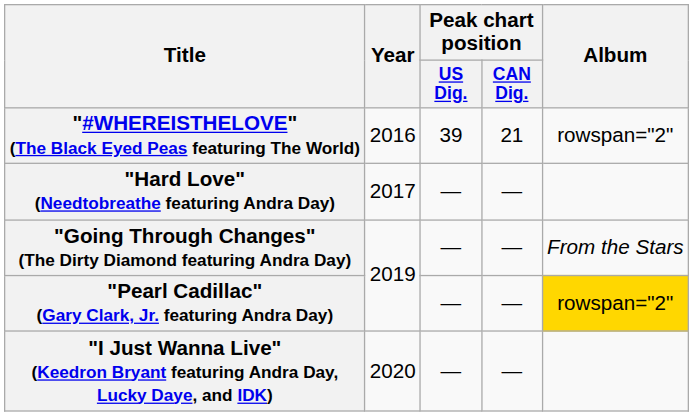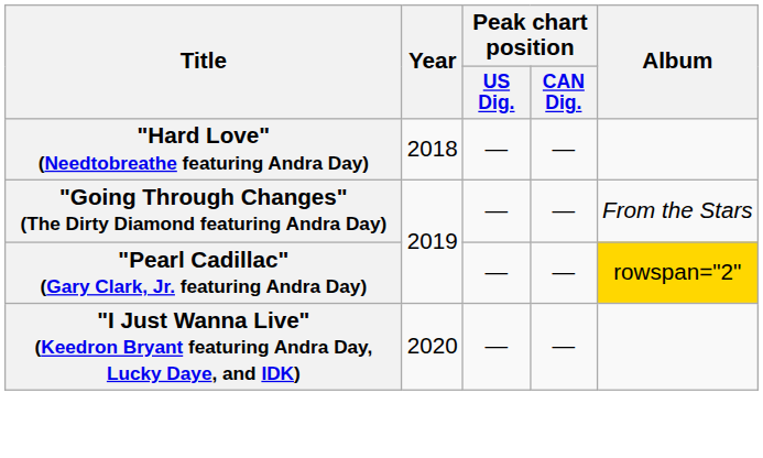 <table class="wikitable plainrowheaders" style="text-align:center;">
 <tr>
 <th scope="col" rowspan="2" style="width:17em;">Title</th>
 <th scope="col" rowspan="2" style="width:1em;">Year</th>
 <th scope="col" colspan="2">Peak chart position</th>
 <th scope="col" rowspan="2">Album</th>
 </tr>
 <tr>
 <th scope="col" style="width:3em;font-size:85%;"><a href='#'>US<br>Dig.</a><br></th>
 <th scope="col" style="width:3em;font-size:85%;"><a href='#'>CAN<br>Dig.</a><br></th>
 </tr>
 <tr>
-<th scope="row">"<a href='#'>#WHEREISTHELOVE</a>"<br><small>(<a href='#'>The Black Eyed Peas</a> featuring The World)</small></th>
-<td>2016</td>
-<td>39</td>
-<td>21</td>
-<td>rowspan="2" </td>
-</tr>
-<tr>
 <th scope="row">"Hard Love"<br><small>(<a href='#'>Needtobreathe</a> featuring Andra Day)</small></th>
-<td>2017</td>
+<td>2018</td>
 <td>—</td>
 <td>—</td>
 </tr>
 <tr>
 <th scope="row">"Going Through Changes"<br><small>(The Dirty Diamond featuring Andra Day)</small></th>
 <td rowspan="2">2019</td>
 <td>—</td>
 <td>—</td>
 <td><em>From the Stars</em></td>
 </tr>
 <tr>
 <th scope="row">"Pearl Cadillac"<br><small>(<a href='#'>Gary Clark, Jr.</a> featuring Andra Day)</small></th>
 <td>—</td>
 <td>—</td>
 <td style="background: gold;">rowspan="2" </td>
 </tr>
 <tr>
 <th scope="row">"I Just Wanna Live"<br><small>(<a href='#'>Keedron Bryant</a> featuring Andra Day, <a href='#'>Lucky Daye</a>, and <a href='#'>IDK</a>)</small></th>
 <td>2020</td>
 <td>—</td>
 <td>—</td>
 </tr>
 </table>
